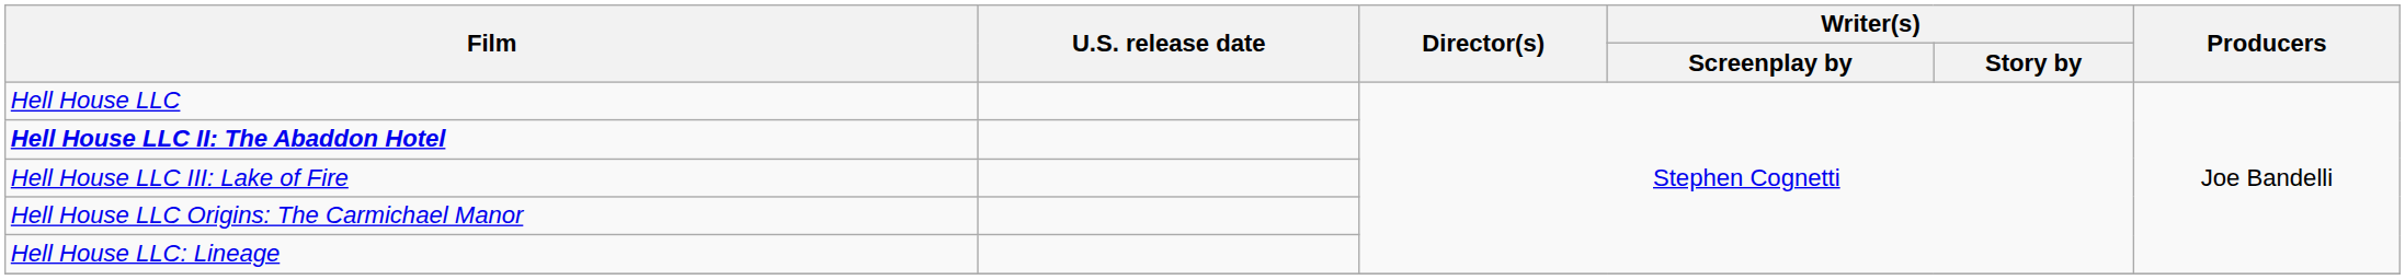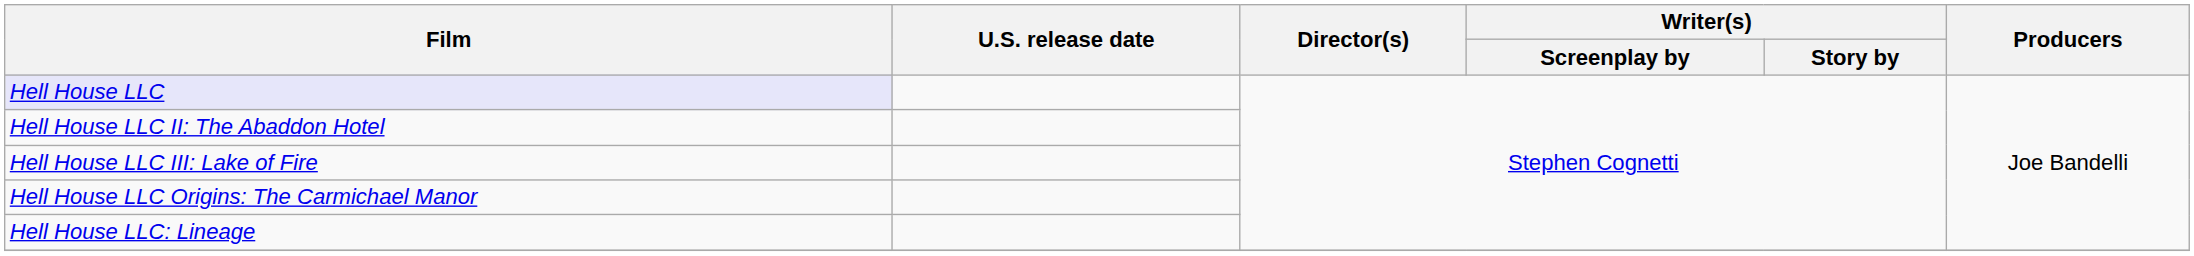 <table class="wikitable plainrowheaders" style="text-align:center; margin=auto; width:100%;">
 <tr>
 <th scope="col" rowspan="2">Film</th>
 <th scope="col" rowspan="2">U.S. release date</th>
 <th scope="col" rowspan="2">Director(s)</th>
 <th scope="col" colspan="2">Writer(s)</th>
 <th scope="col" rowspan="2">Producers</th>
 </tr>
 <tr>
 <th scope="col">Screenplay by</th>
 <th scope="col">Story by</th>
 </tr>
 <tr>
-<td style="text-align:left"><em><a href='#'>Hell House LLC</a></em></td>
+<td style="background: lavender; text-align:left"><em><a href='#'>Hell House LLC</a></em></td>
 <td></td>
 <td rowspan="5" colspan=3><a href='#'>Stephen Cognetti</a></td>
 <td rowspan="5">Joe Bandelli</td>
 </tr>
 <tr>
-<td style="text-align:left"><strong><em><a href='#'>Hell House LLC II: The Abaddon Hotel</a></em></strong></td>
+<td style="text-align:left"><em><a href='#'>Hell House LLC II: The Abaddon Hotel</a></em></td>
 <td></td>
 </tr>
 <tr>
 <td style="text-align:left"><em><a href='#'>Hell House LLC III: Lake of Fire</a></em></td>
 <td></td>
 </tr>
 <tr>
 <td style="text-align:left"><em><a href='#'>Hell House LLC Origins: The Carmichael Manor</a></em></td>
 <td></td>
 </tr>
 <tr>
 <td style="text-align:left"><em><a href='#'>Hell House LLC: Lineage</a></em></td>
 <td></td>
 </tr>
 <tr>
 </tr>
 </table>
